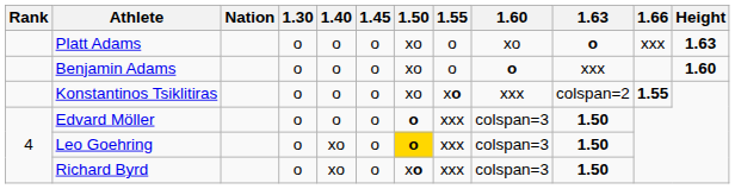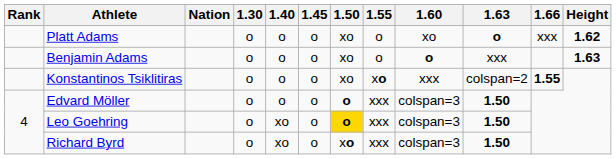 <table class="wikitable sortable" style="text-align:center;">
 <tr>
 <th>Rank</th>
 <th>Athlete</th>
 <th>Nation</th>
 <th>1.30</th>
 <th>1.40</th>
 <th>1.45</th>
 <th>1.50</th>
 <th>1.55</th>
 <th>1.60</th>
 <th>1.63</th>
 <th>1.66</th>
 <th>Height</th>
 </tr>
 <tr>
 <td></td>
 <td align=left><a href='#'>Platt Adams</a></td>
 <td align=left></td>
 <td>o</td>
 <td>o</td>
 <td>o</td>
 <td>xo</td>
 <td>o</td>
 <td>xo</td>
 <td><strong>o</strong></td>
 <td>xxx</td>
-<td><strong>1.63</strong></td>
+<td><strong>1.62</strong></td>
 </tr>
 <tr>
 <td></td>
 <td align=left><a href='#'>Benjamin Adams</a></td>
 <td align=left></td>
 <td>o</td>
 <td>o</td>
 <td>o</td>
 <td>xo</td>
 <td>o</td>
 <td><strong>o</strong></td>
 <td>xxx</td>
 <td></td>
-<td><strong>1.60</strong></td>
+<td><strong>1.63</strong></td>
 </tr>
 <tr>
 <td></td>
 <td align=left><a href='#'>Konstantinos Tsiklitiras</a></td>
 <td align=left></td>
 <td>o</td>
 <td>o</td>
 <td>o</td>
 <td>xo</td>
 <td>x<strong>o</strong></td>
 <td>xxx</td>
 <td>colspan=2 </td>
 <td><strong>1.55</strong></td>
 </tr>
 <tr>
 <td rowspan=3>4</td>
 <td align=left><a href='#'>Edvard Möller</a></td>
 <td align=left></td>
 <td>o</td>
 <td>o</td>
 <td>o</td>
 <td><strong>o</strong></td>
 <td>xxx</td>
 <td>colspan=3 </td>
 <td><strong>1.50</strong></td>
 </tr>
 <tr>
 <td align=left><a href='#'>Leo Goehring</a></td>
 <td align=left></td>
 <td>o</td>
 <td>xo</td>
 <td>o</td>
 <td style="background: gold;"><strong>o</strong></td>
 <td>xxx</td>
 <td>colspan=3 </td>
 <td><strong>1.50</strong></td>
 </tr>
 <tr>
 <td align=left><a href='#'>Richard Byrd</a></td>
 <td align=left></td>
 <td>o</td>
 <td>xo</td>
 <td>o</td>
 <td>x<strong>o</strong></td>
 <td>xxx</td>
 <td>colspan=3 </td>
 <td><strong>1.50</strong></td>
 </tr>
 </table>
